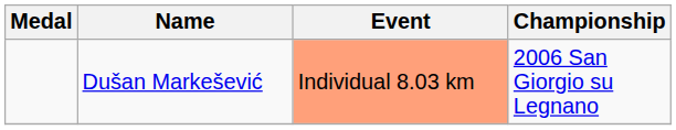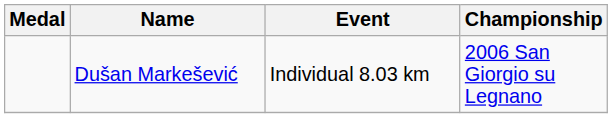 <table class="wikitable sortable" style="font-size:100%">
 <tr>
 <th>Medal</th>
 <th width=150>Name</th>
 <th width=150>Event</th>
 <th width=100>Championship</th>
 </tr>
 <tr>
 <td></td>
 <td><a href='#'>Dušan Markešević</a></td>
-<td style="background: lightsalmon;">Individual 8.03 km</td>
+<td>Individual 8.03 km</td>
 <td><a href='#'>2006 San Giorgio su Legnano</a> </td>
 </tr>
 <tr>
 </tr>
 </table>
